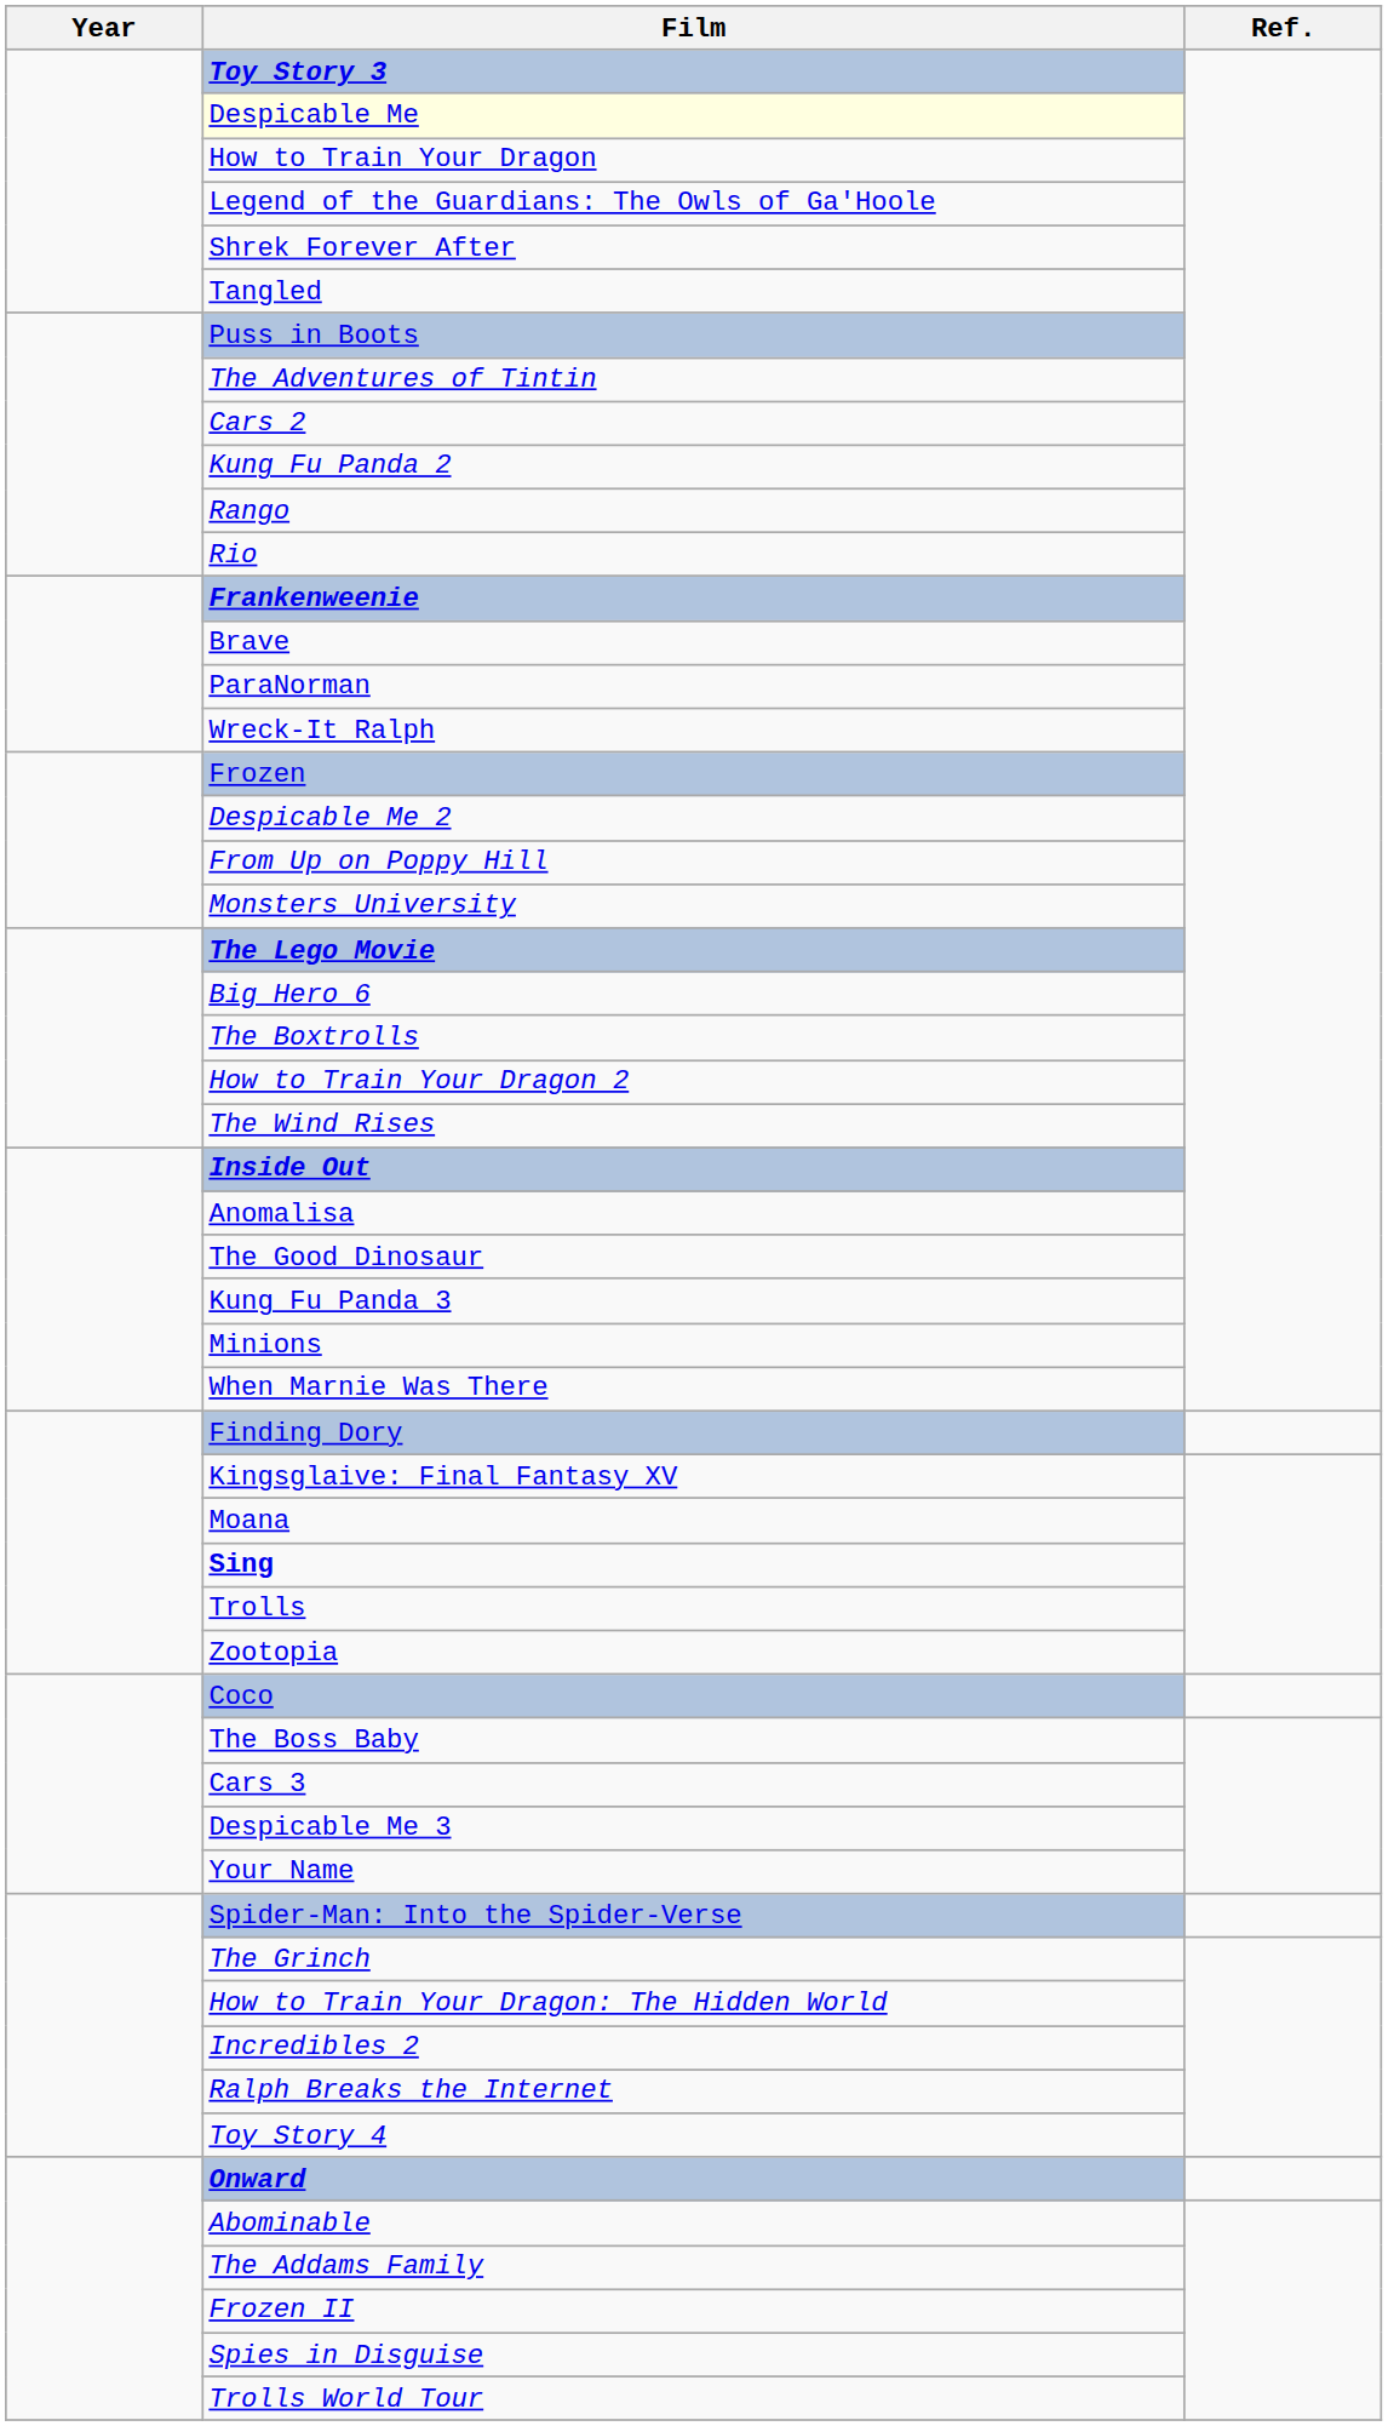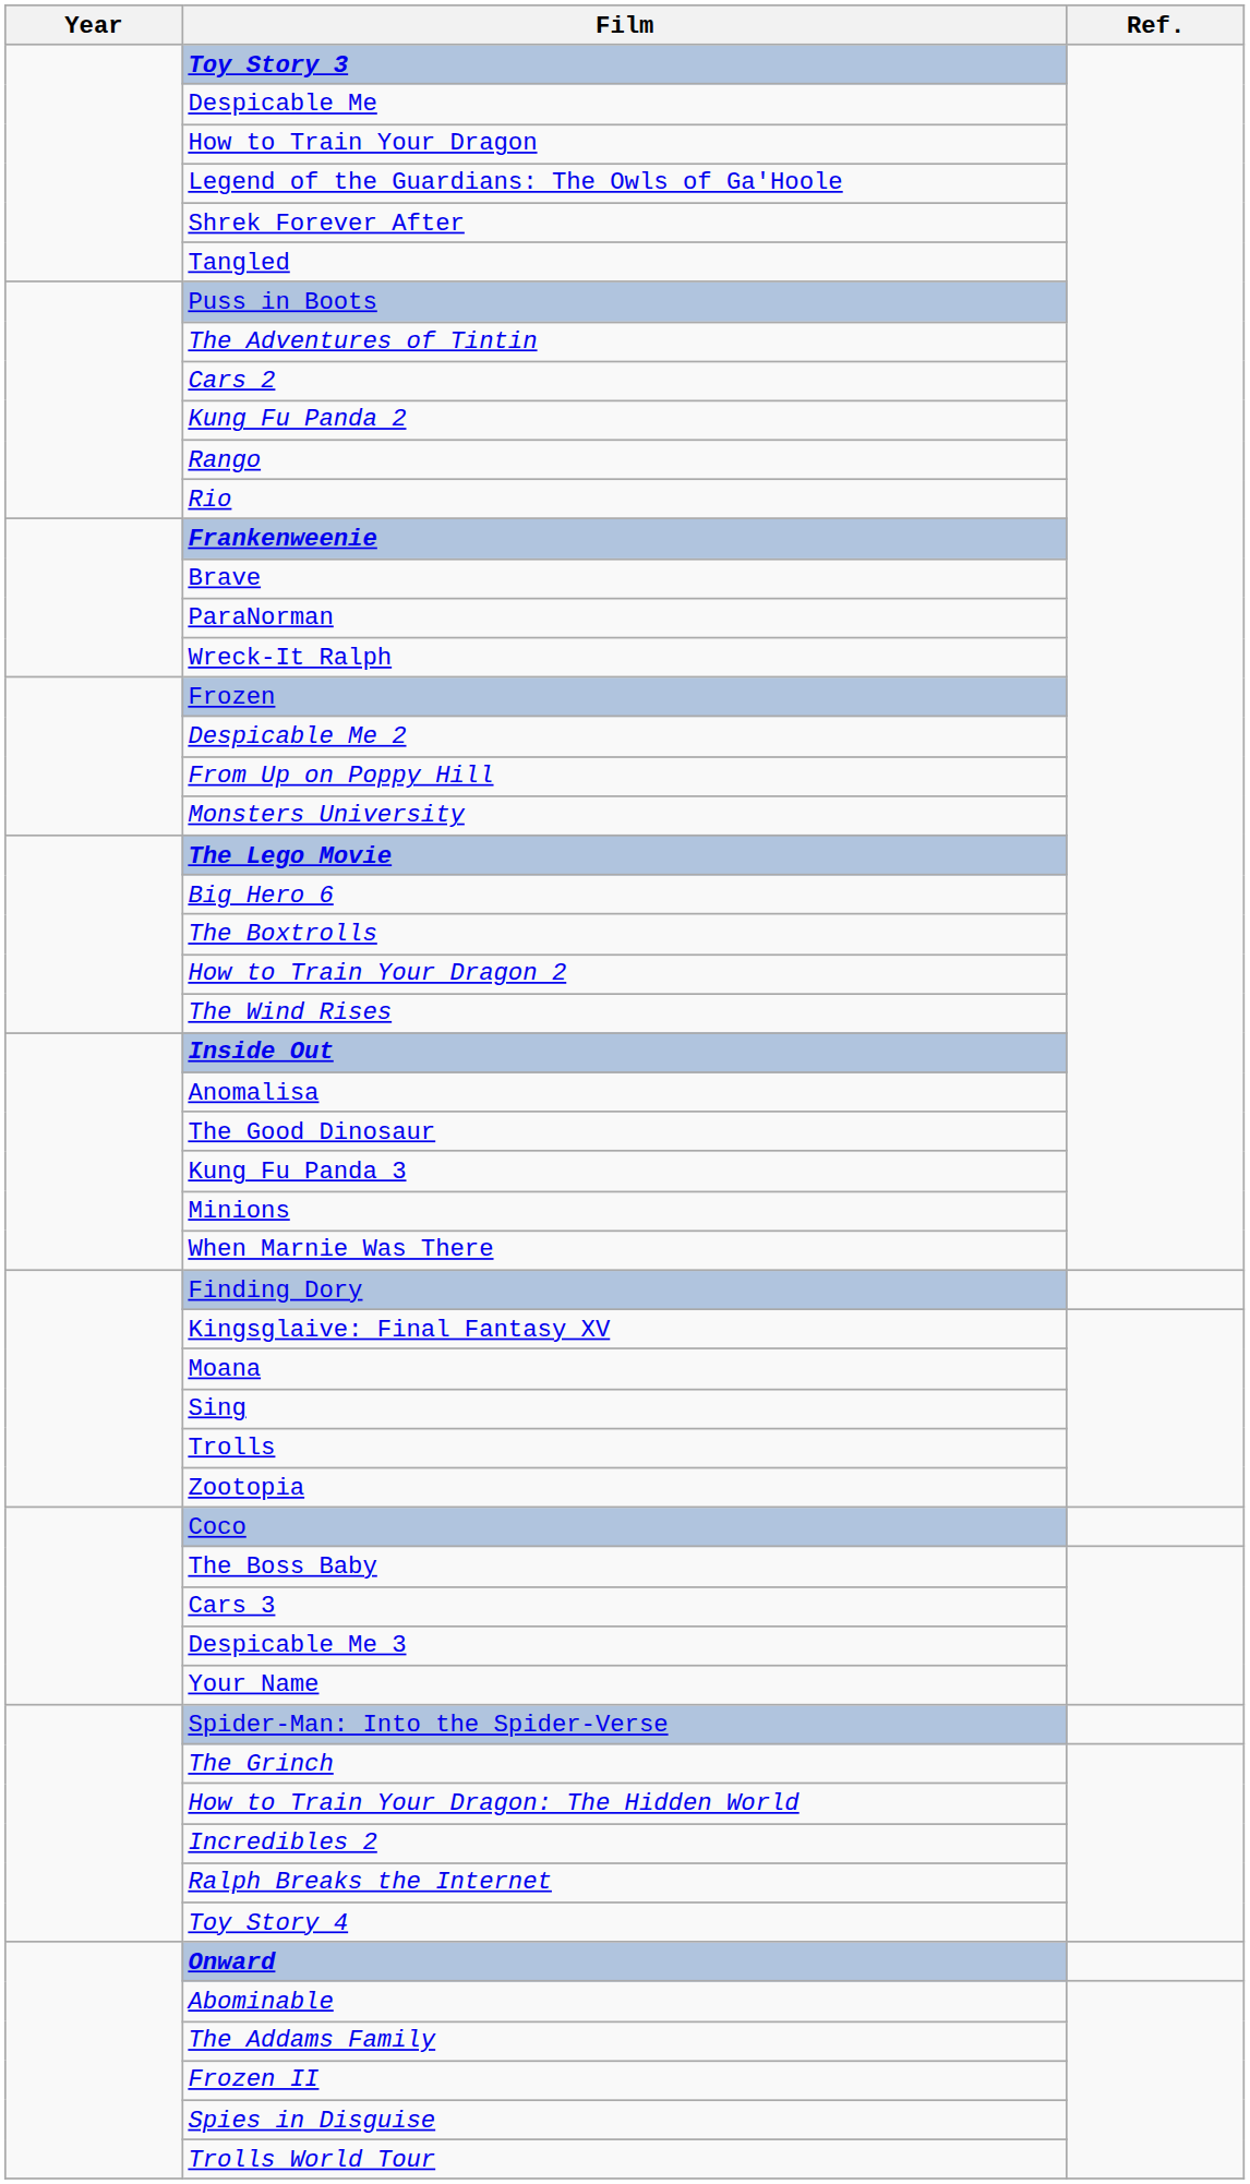 <table class="wikitable" border="1" width="42%">
 <tr>
 <th width=7%>Year</th>
 <th width=35%>Film</th>
 <th width=7%>Ref.</th>
 </tr>
 <tr>
 <td rowspan=6></td>
 <td style="background:#B0C4DE;"><strong><em><a href='#'>Toy Story 3</a><em> <strong></td>
 </tr>
 <tr>
-<td style="background: lightyellow;"></em><a href='#'>Despicable Me</a><em></td>
+<td></em><a href='#'>Despicable Me</a><em></td>
 </tr>
 <tr>
 <td></em><a href='#'>How to Train Your Dragon</a><em></td>
 </tr>
 <tr>
 <td></em><a href='#'>Legend of the Guardians: The Owls of Ga'Hoole</a><em></td>
 </tr>
 <tr>
 <td></em><a href='#'>Shrek Forever After</a><em></td>
 </tr>
 <tr>
 <td></em><a href='#'>Tangled</a><em></td>
 </tr>
 <tr>
 <td rowspan=6></td>
 <td style="background:#B0C4DE;"></em></strong><a href='#'>Puss in Boots</a></em> </strong></td>
 </tr>
 <tr>
 <td><em><a href='#'>The Adventures of Tintin</a></em></td>
 </tr>
 <tr>
 <td><em><a href='#'>Cars 2</a></em></td>
 </tr>
 <tr>
 <td><em><a href='#'>Kung Fu Panda 2</a></em></td>
 </tr>
 <tr>
 <td><em><a href='#'>Rango</a></em></td>
 </tr>
 <tr>
 <td><em><a href='#'>Rio</a></em></td>
 </tr>
 <tr>
 <td rowspan=4></td>
 <td style="background:#B0C4DE;"><strong><em><a href='#'>Frankenweenie</a><em> <strong></td>
 </tr>
 <tr>
 <td></em><a href='#'>Brave</a><em></td>
 </tr>
 <tr>
 <td></em><a href='#'>ParaNorman</a><em></td>
 </tr>
 <tr>
 <td></em><a href='#'>Wreck-It Ralph</a><em></td>
 </tr>
 <tr>
 <td rowspan=4></td>
 <td style="background:#B0C4DE;"></em></strong><a href='#'>Frozen</a></em> </strong></td>
 </tr>
 <tr>
 <td><em><a href='#'>Despicable Me 2</a></em></td>
 </tr>
 <tr>
 <td><em><a href='#'>From Up on Poppy Hill</a></em></td>
 </tr>
 <tr>
 <td><em><a href='#'>Monsters University</a></em></td>
 </tr>
 <tr>
 <td rowspan=5></td>
 <td style="background:#B0C4DE;"><strong><em><a href='#'>The Lego Movie</a></em></strong></td>
 </tr>
 <tr>
 <td><em><a href='#'>Big Hero 6</a></em></td>
 </tr>
 <tr>
 <td><em><a href='#'>The Boxtrolls</a></em></td>
 </tr>
 <tr>
 <td><em><a href='#'>How to Train Your Dragon 2</a></em></td>
 </tr>
 <tr>
 <td><em><a href='#'>The Wind Rises</a></em></td>
 </tr>
 <tr>
 <td rowspan=6></td>
 <td style="background:#B0C4DE;"><strong><em><a href='#'>Inside Out</a><em> <strong></td>
 </tr>
 <tr>
 <td></em><a href='#'>Anomalisa</a><em></td>
 </tr>
 <tr>
 <td></em><a href='#'>The Good Dinosaur</a><em></td>
 </tr>
 <tr>
 <td></em><a href='#'>Kung Fu Panda 3</a><em></td>
 </tr>
 <tr>
 <td></em><a href='#'>Minions</a><em></td>
 </tr>
 <tr>
 <td></em><a href='#'>When Marnie Was There</a><em></td>
 </tr>
 <tr>
 <td rowspan=6></td>
 <td style="background:#B0C4DE;"></em></strong><a href='#'>Finding Dory</a><strong><em></td>
 <td></td>
 </tr>
 <tr>
 <td></em><a href='#'>Kingsglaive: Final Fantasy XV</a><em></td>
 <td rowspan=5></td>
 </tr>
 <tr>
 <td></em><a href='#'>Moana</a><em></td>
 </tr>
 <tr>
-<td><strong></em><a href='#'>Sing</a><em></strong></td>
+<td></em><a href='#'>Sing</a><em></td>
 </tr>
 <tr>
 <td></em><a href='#'>Trolls</a><em></td>
 </tr>
 <tr>
 <td></em><a href='#'>Zootopia</a><em></td>
 </tr>
 <tr>
 <td rowspan=5></td>
 <td style="background:#B0C4DE;"></em></strong><a href='#'>Coco</a><strong><em></td>
 <td></td>
 </tr>
 <tr>
 <td></em><a href='#'>The Boss Baby</a><em></td>
 <td rowspan=4></td>
 </tr>
 <tr>
 <td></em><a href='#'>Cars 3</a><em></td>
 </tr>
 <tr>
 <td></em><a href='#'>Despicable Me 3</a><em></td>
 </tr>
 <tr>
 <td></em><a href='#'>Your Name</a><em></td>
 </tr>
 <tr>
 <td rowspan=6></td>
 <td style="background:#B0C4DE;"></em></strong><a href='#'>Spider-Man: Into the Spider-Verse</a></em> </strong></td>
 <td></td>
 </tr>
 <tr>
 <td><em><a href='#'>The Grinch</a></em></td>
 <td rowspan=5></td>
 </tr>
 <tr>
 <td><em><a href='#'>How to Train Your Dragon: The Hidden World</a></em></td>
 </tr>
 <tr>
 <td><em><a href='#'>Incredibles 2</a></em></td>
 </tr>
 <tr>
 <td><em><a href='#'>Ralph Breaks the Internet</a></em></td>
 </tr>
 <tr>
 <td><em><a href='#'>Toy Story 4</a></em></td>
 </tr>
 <tr>
 <td rowspan=6></td>
 <td style="background:#B0C4DE;"><strong><em><a href='#'>Onward</a></em></strong></td>
 <td></td>
 </tr>
 <tr>
 <td><em><a href='#'>Abominable</a></em></td>
 <td rowspan=5></td>
 </tr>
 <tr>
 <td><em><a href='#'>The Addams Family</a></em></td>
 </tr>
 <tr>
 <td><em><a href='#'>Frozen II</a></em></td>
 </tr>
 <tr>
 <td><em><a href='#'>Spies in Disguise</a></em></td>
 </tr>
 <tr>
 <td><em><a href='#'>Trolls World Tour</a></em></td>
 </tr>
 </table>
